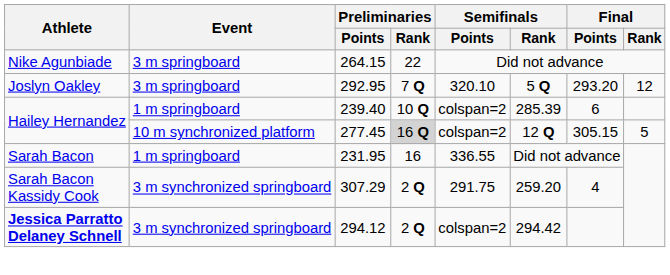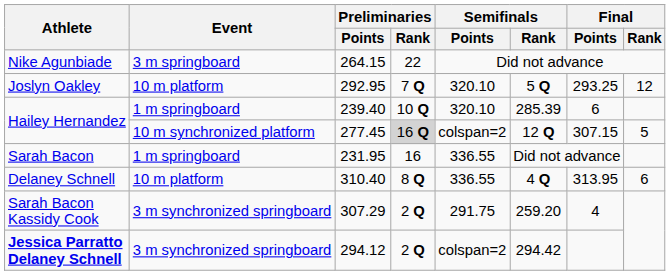 <table class="wikitable" style="text-align:center; font-size:90%;">
 <tr>
 <th rowspan=2>Athlete</th>
 <th rowspan=2>Event</th>
 <th colspan=2>Preliminaries</th>
 <th colspan=2>Semifinals</th>
 <th colspan=2>Final</th>
 </tr>
 <tr style="font-size:95%">
 <th>Points</th>
 <th>Rank</th>
 <th>Points</th>
 <th>Rank</th>
 <th>Points</th>
 <th>Rank</th>
 </tr>
 <tr>
 <td align=left><a href='#'>Nike Agunbiade</a></td>
 <td align=left><a href='#'>3 m springboard</a></td>
 <td>264.15</td>
 <td>22</td>
 <td colspan=4>Did not advance</td>
 </tr>
 <tr>
 <td align=left><a href='#'>Joslyn Oakley</a></td>
-<td align=left><a href='#'>3 m springboard</a></td>
+<td align=left><a href='#'>10 m platform</a></td>
 <td>292.95</td>
 <td>7 <strong>Q</strong></td>
 <td>320.10</td>
 <td>5 <strong>Q</strong></td>
-<td>293.20</td>
+<td>293.25</td>
 <td>12</td>
 </tr>
 <tr>
 <td align=left rowspan=2><a href='#'>Hailey Hernandez</a></td>
 <td align=left><a href='#'>1 m springboard</a></td>
 <td>239.40</td>
 <td>10 <strong>Q</strong></td>
-<td>colspan=2 </td>
+<td>320.10</td>
 <td>285.39</td>
 <td>6</td>
 </tr>
 <tr>
 <td align=left><a href='#'>10 m synchronized platform</a></td>
 <td>277.45</td>
 <td style="background: lightgrey;">16 <strong>Q</strong></td>
 <td>colspan=2 </td>
 <td>12 <strong>Q</strong></td>
-<td>305.15</td>
+<td>307.15</td>
 <td>5</td>
 </tr>
 <tr>
 <td align=left><a href='#'>Sarah Bacon</a></td>
 <td align=left><a href='#'>1 m springboard</a></td>
 <td>231.95</td>
 <td>16</td>
 <td>336.55</td>
 <td colspan=2>Did not advance</td>
+</tr>
+<tr>
+<td align=left><a href='#'>Delaney Schnell</a></td>
+<td align=left><a href='#'>10 m platform</a></td>
+<td>310.40</td>
+<td>8 <strong>Q</strong></td>
+<td>336.55</td>
+<td>4 <strong>Q</strong></td>
+<td>313.95</td>
+<td>6</td>
 </tr>
 <tr>
 <td align=left><a href='#'>Sarah Bacon</a><br> <a href='#'>Kassidy Cook</a></td>
 <td align=left><a href='#'>3 m synchronized springboard</a></td>
 <td>307.29</td>
 <td>2 <strong>Q</strong></td>
 <td>291.75</td>
 <td>259.20</td>
 <td>4</td>
 </tr>
 <tr>
 <td align=left><strong><a href='#'>Jessica Parratto</a><br> <a href='#'>Delaney Schnell</a></strong></td>
 <td align=left><a href='#'>3 m synchronized springboard</a></td>
 <td>294.12</td>
 <td>2 <strong>Q</strong></td>
 <td>colspan=2 </td>
 <td>294.42</td>
 <td></td>
 </tr>
 </table>
